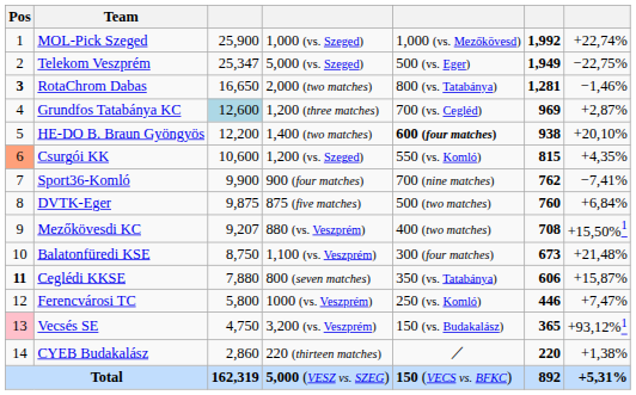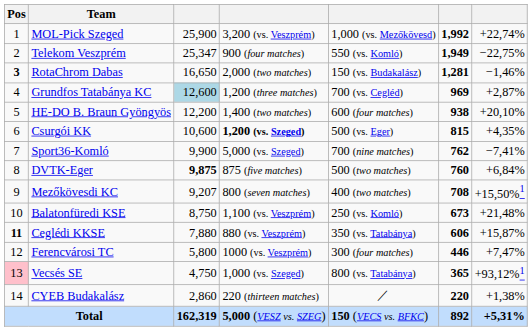 <table class="wikitable" style="text-align:right">
 <tr>
 <th>Pos</th>
 <th>Team</th>
 <th></th>
 <th></th>
 <th></th>
 <th></th>
 <th></th>
 </tr>
 <tr>
 <td align="center">1</td>
 <td align="left"><a href='#'>MOL-Pick Szeged</a></td>
 <td> 25,900</td>
-<td align="left">1,000 <small>(vs. <a href='#'>Szeged</a>)</small></td>
+<td align="left">3,200 <small>(vs. <a href='#'>Veszprém</a>)</small></td>
 <td align="left">1,000 <small>(vs. <a href='#'>Mezőkövesd</a>)</small></td>
 <td><strong>1,992</strong></td>
 <td>+22,74%</td>
 </tr>
 <tr>
 <td align="center">2</td>
 <td align="left"><a href='#'>Telekom Veszprém</a></td>
 <td> 25,347</td>
-<td align="left">5,000 <small>(vs. <a href='#'>Szeged</a>)</small></td>
-<td align="left">500 <small>(vs. <a href='#'>Eger</a>)</small></td>
+<td align="left">900 <small>(<em>four matches</em>)</small></td>
+<td align="left">550 <small>(vs. <a href='#'>Komló</a>)</small></td>
 <td><strong>1,949</strong></td>
 <td>−22,75%</td>
 </tr>
 <tr>
 <td align="center"><strong>3</strong></td>
 <td align="left"><a href='#'>RotaChrom Dabas</a></td>
 <td> 16,650</td>
 <td align="left">2,000 <small>(<em>two matches</em>)</small></td>
-<td align="left">800 <small>(vs. <a href='#'>Tatabánya</a>)</small></td>
+<td align="left">150 <small>(vs. <a href='#'>Budakalász</a>)</small></td>
 <td><strong>1,281</strong></td>
 <td>−1,46%</td>
 </tr>
 <tr>
 <td align="center">4</td>
 <td align="left"><a href='#'>Grundfos Tatabánya KC</a></td>
 <td style="background: lightblue;"> 12,600</td>
 <td align="left">1,200 <small>(<em>three matches</em>)</small></td>
 <td align="left">700 <small>(vs. <a href='#'>Cegléd</a>)</small></td>
 <td><strong>969</strong></td>
 <td>+2,87%</td>
 </tr>
 <tr>
 <td align="center">5</td>
 <td align="left"><a href='#'>HE-DO B. Braun Gyöngyös</a></td>
 <td> 12,200</td>
 <td align="left">1,400 <small>(<em>two matches</em>)</small></td>
-<td align="left"><strong>600 <small>(<em>four matches</em>)</small></strong></td>
+<td align="left">600 <small>(<em>four matches</em>)</small></td>
 <td><strong>938</strong></td>
 <td>+20,10%</td>
 </tr>
 <tr>
-<td align="center" style="background: lightsalmon;">6</td>
+<td align="center">6</td>
 <td align="left"><a href='#'>Csurgói KK</a></td>
 <td> 10,600</td>
-<td align="left">1,200 <small>(vs. <a href='#'>Szeged</a>)</small></td>
-<td align="left">550 <small>(vs. <a href='#'>Komló</a>)</small></td>
+<td align="left"><strong>1,200 <small>(vs. <a href='#'>Szeged</a>)</small></strong></td>
+<td align="left">500 <small>(vs. <a href='#'>Eger</a>)</small></td>
 <td><strong>815</strong></td>
 <td>+4,35%</td>
 </tr>
 <tr>
 <td align="center">7</td>
 <td align="left"><a href='#'>Sport36-Komló</a></td>
 <td> 9,900</td>
-<td align="left">900 <small>(<em>four matches</em>)</small></td>
+<td align="left">5,000 <small>(vs. <a href='#'>Szeged</a>)</small></td>
 <td align="left">700 <small>(<em>nine matches</em>)</small></td>
 <td><strong>762</strong></td>
 <td>−7,41%</td>
 </tr>
 <tr>
 <td align="center">8</td>
 <td align="left"><a href='#'>DVTK-Eger</a></td>
-<td> 9,875</td>
+<td><strong> 9,875</strong></td>
 <td align="left">875 <small>(<em>five matches</em>)</small></td>
 <td align="left">500 <small>(<em>two matches</em>)</small></td>
 <td><strong>760</strong></td>
 <td>+6,84%</td>
 </tr>
 <tr>
 <td align="center">9</td>
 <td align="left"><a href='#'>Mezőkövesdi KC</a></td>
 <td> 9,207</td>
-<td align="left">880 <small>(vs. <a href='#'>Veszprém</a>)</small></td>
+<td align="left">800 <small>(<em>seven matches</em>)</small></td>
 <td align="left">400 <small>(<em>two matches</em>)</small></td>
 <td><strong>708</strong></td>
 <td>+15,50%<a href='#'><sup>1</sup></a></td>
 </tr>
 <tr>
 <td align="center">10</td>
 <td align="left"><a href='#'>Balatonfüredi KSE</a></td>
 <td> 8,750</td>
 <td align="left">1,100 <small>(vs. <a href='#'>Veszprém</a>)</small></td>
-<td align="left">300 <small>(<em>four matches</em>)</small></td>
+<td align="left">250 <small>(vs. <a href='#'>Komló</a>)</small></td>
 <td><strong>673</strong></td>
 <td>+21,48%</td>
 </tr>
 <tr>
 <td align="center"><strong>11</strong></td>
 <td align="left"><a href='#'>Ceglédi KKSE</a></td>
 <td> 7,880</td>
-<td align="left">800 <small>(<em>seven matches</em>)</small></td>
+<td align="left">880 <small>(vs. <a href='#'>Veszprém</a>)</small></td>
 <td align="left">350 <small>(vs. <a href='#'>Tatabánya</a>)</small></td>
 <td><strong>606</strong></td>
 <td>+15,87%</td>
 </tr>
 <tr>
 <td align="center">12</td>
 <td align="left"><a href='#'>Ferencvárosi TC</a></td>
 <td> 5,800</td>
 <td align="left">1000 <small>(vs. <a href='#'>Veszprém</a>)</small></td>
-<td align="left">250 <small>(vs. <a href='#'>Komló</a>)</small></td>
+<td align="left">300 <small>(<em>four matches</em>)</small></td>
 <td><strong>446</strong></td>
 <td>+7,47%</td>
 </tr>
 <tr>
 <td align="center" style="background: pink;">13</td>
 <td align="left"><a href='#'>Vecsés SE</a></td>
 <td> 4,750</td>
-<td align="left">3,200 <small>(vs. <a href='#'>Veszprém</a>)</small></td>
-<td align="left">150 <small>(vs. <a href='#'>Budakalász</a>)</small></td>
+<td align="left">1,000 <small>(vs. <a href='#'>Szeged</a>)</small></td>
+<td align="left">800 <small>(vs. <a href='#'>Tatabánya</a>)</small></td>
 <td><strong>365</strong></td>
 <td>+93,12%<a href='#'><sup>1</sup></a></td>
 </tr>
 <tr>
 <td align="center">14</td>
 <td align="left"><a href='#'>CYEB Budakalász</a></td>
 <td> 2,860</td>
 <td align="left">220 <small>(<em>thirteen matches</em>)</small></td>
 <td align="center">／</td>
 <td><strong>220</strong></td>
 <td>+1,38%</td>
 </tr>
 <tr bgcolor=#c1ddfd>
 <td align=center colspan="2"><strong>Total</strong></td>
 <td><strong>162,319</strong></td>
 <td align="left"><strong>5,000</strong> (<small><em><a href='#'>VESZ</a> vs. <a href='#'>SZEG</a></em></small>)</td>
 <td align="left"><strong>150</strong> (<small><em><a href='#'>VECS</a> vs. <a href='#'>BFKC</a></em></small>)</td>
 <td><strong>892</strong></td>
 <td><strong>+5,31%</strong></td>
 </tr>
 </table>
